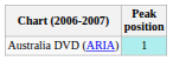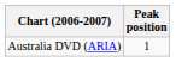 <table class="wikitable sortable plainrowheaders" style="text-align:center">
 <tr>
 <th>Chart (2006-2007)</th>
 <th>Peak<br> position</th>
 </tr>
 <tr>
 <td>Australia DVD (<a href='#'>ARIA</a>)</td>
-<td align="center" style="background: paleturquoise;">1</td>
+<td align="center">1</td>
 </tr>
 </table>
